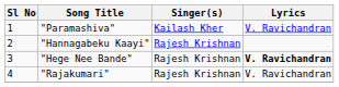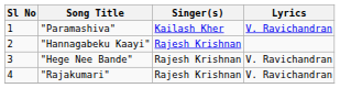 <table class="wikitable">
 <tr>
 <th>Sl No</th>
 <th>Song Title</th>
 <th>Singer(s)</th>
 <th>Lyrics</th>
 </tr>
 <tr>
 <td>1</td>
 <td>"Paramashiva"</td>
 <td><a href='#'>Kailash Kher</a></td>
 <td><a href='#'>V. Ravichandran</a></td>
 </tr>
 <tr>
 <td>2</td>
 <td>"Hannagabeku Kaayi"</td>
 <td><a href='#'>Rajesh Krishnan</a></td>
 <td></td>
 </tr>
 <tr>
 <td>3</td>
 <td>"Hege Nee Bande"</td>
 <td>Rajesh Krishnan</td>
-<td><strong>V. Ravichandran</strong></td>
+<td>V. Ravichandran</td>
 </tr>
 <tr>
 <td>4</td>
 <td>"Rajakumari"</td>
 <td>Rajesh Krishnan</td>
 <td>V. Ravichandran</td>
 </tr>
 <tr>
 </tr>
 </table>
